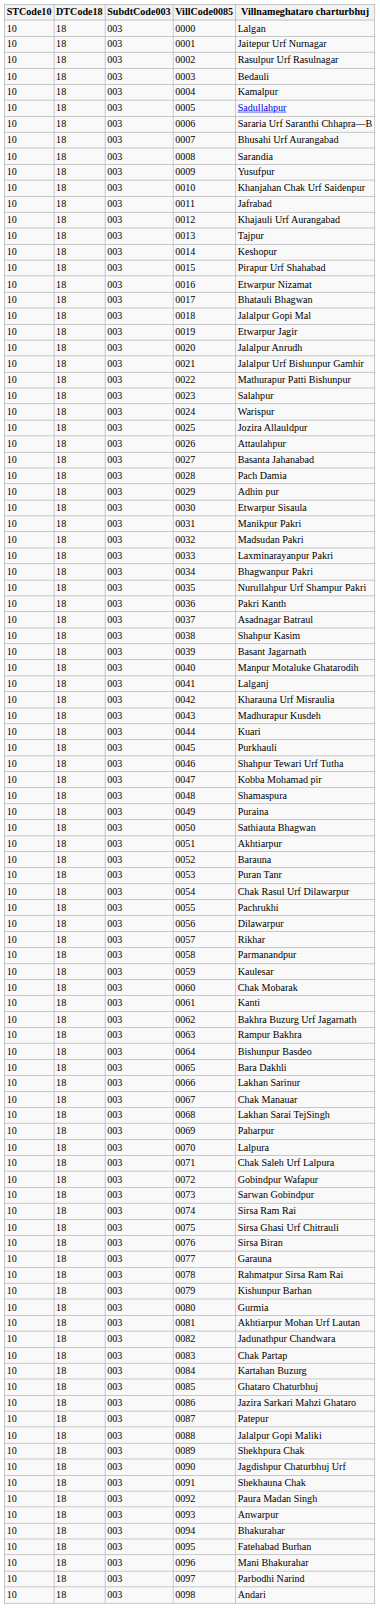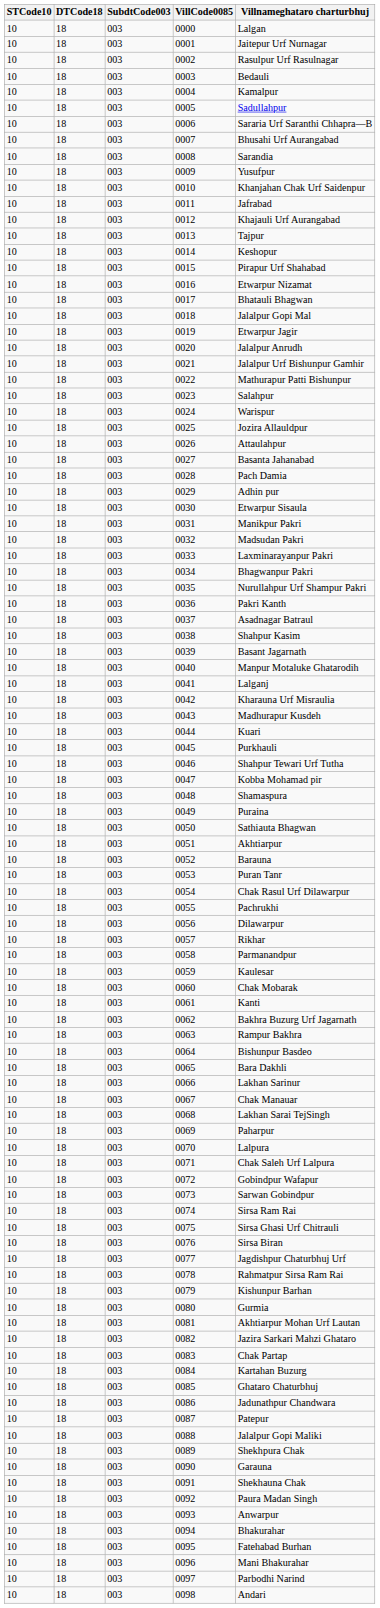 <table class="wikitable">
 <tr>
 <th>STCode10</th>
 <th>DTCode18</th>
 <th>SubdtCode003</th>
 <th>VillCode0085</th>
 <th>Villnameghataro charturbhuj</th>
 </tr>
 <tr 10 g>
 <td>10</td>
 <td>18</td>
 <td>003</td>
 <td>0000</td>
 <td>Lalgan</td>
 </tr>
 <tr>
 <td>10</td>
 <td>18</td>
 <td>003</td>
 <td>0001</td>
 <td>Jaitepur Urf Nurnagar</td>
 </tr>
 <tr>
 <td>10</td>
 <td>18</td>
 <td>003</td>
 <td>0002</td>
 <td>Rasulpur Urf Rasulnagar</td>
 </tr>
 <tr>
 <td>10</td>
 <td>18</td>
 <td>003</td>
 <td>0003</td>
 <td>Bedauli</td>
 </tr>
 <tr>
 <td>10</td>
 <td>18</td>
 <td>003</td>
 <td>0004</td>
 <td>Kamalpur</td>
 </tr>
 <tr>
 <td>10</td>
 <td>18</td>
 <td>003</td>
 <td>0005</td>
 <td><a href='#'>Sadullahpur</a></td>
 </tr>
 <tr>
 <td>10</td>
 <td>18</td>
 <td>003</td>
 <td>0006</td>
 <td>Sararia Urf Saranthi Chhapra—B</td>
 </tr>
 <tr>
 <td>10</td>
 <td>18</td>
 <td>003</td>
 <td>0007</td>
 <td>Bhusahi Urf Aurangabad</td>
 </tr>
 <tr>
 <td>10</td>
 <td>18</td>
 <td>003</td>
 <td>0008</td>
 <td>Sarandia</td>
 </tr>
 <tr>
 <td>10</td>
 <td>18</td>
 <td>003</td>
 <td>0009</td>
 <td>Yusufpur</td>
 </tr>
 <tr>
 <td>10</td>
 <td>18</td>
 <td>003</td>
 <td>0010</td>
 <td>Khanjahan Chak Urf Saidenpur</td>
 </tr>
 <tr>
 <td>10</td>
 <td>18</td>
 <td>003</td>
 <td>0011</td>
 <td>Jafrabad</td>
 </tr>
 <tr>
 <td>10</td>
 <td>18</td>
 <td>003</td>
 <td>0012</td>
 <td>Khajauli Urf Aurangabad</td>
 </tr>
 <tr>
 <td>10</td>
 <td>18</td>
 <td>003</td>
 <td>0013</td>
 <td>Tajpur</td>
 </tr>
 <tr>
 <td>10</td>
 <td>18</td>
 <td>003</td>
 <td>0014</td>
 <td>Keshopur</td>
 </tr>
 <tr>
 <td>10</td>
 <td>18</td>
 <td>003</td>
 <td>0015</td>
 <td>Pirapur Urf Shahabad</td>
 </tr>
 <tr>
 <td>10</td>
 <td>18</td>
 <td>003</td>
 <td>0016</td>
 <td>Etwarpur Nizamat</td>
 </tr>
 <tr>
 <td>10</td>
 <td>18</td>
 <td>003</td>
 <td>0017</td>
 <td>Bhatauli Bhagwan</td>
 </tr>
 <tr>
 <td>10</td>
 <td>18</td>
 <td>003</td>
 <td>0018</td>
 <td>Jalalpur Gopi Mal</td>
 </tr>
 <tr>
 <td>10</td>
 <td>18</td>
 <td>003</td>
 <td>0019</td>
 <td>Etwarpur Jagir</td>
 </tr>
 <tr>
 <td>10</td>
 <td>18</td>
 <td>003</td>
 <td>0020</td>
 <td>Jalalpur Anrudh</td>
 </tr>
 <tr>
 <td>10</td>
 <td>18</td>
 <td>003</td>
 <td>0021</td>
 <td>Jalalpur Urf Bishunpur Gamhir</td>
 </tr>
 <tr>
 <td>10</td>
 <td>18</td>
 <td>003</td>
 <td>0022</td>
 <td>Mathurapur Patti Bishunpur</td>
 </tr>
 <tr>
 <td>10</td>
 <td>18</td>
 <td>003</td>
 <td>0023</td>
 <td>Salahpur</td>
 </tr>
 <tr>
 <td>10</td>
 <td>18</td>
 <td>003</td>
 <td>0024</td>
 <td>Warispur</td>
 </tr>
 <tr>
 <td>10</td>
 <td>18</td>
 <td>003</td>
 <td>0025</td>
 <td>Jozira Allauldpur</td>
 </tr>
 <tr>
 <td>10</td>
 <td>18</td>
 <td>003</td>
 <td>0026</td>
 <td>Attaulahpur</td>
 </tr>
 <tr>
 <td>10</td>
 <td>18</td>
 <td>003</td>
 <td>0027</td>
 <td>Basanta Jahanabad</td>
 </tr>
 <tr>
 <td>10</td>
 <td>18</td>
 <td>003</td>
 <td>0028</td>
 <td>Pach Damia</td>
 </tr>
 <tr>
 <td>10</td>
 <td>18</td>
 <td>003</td>
 <td>0029</td>
 <td>Adhin pur</td>
 </tr>
 <tr>
 <td>10</td>
 <td>18</td>
 <td>003</td>
 <td>0030</td>
 <td>Etwarpur Sisaula</td>
 </tr>
 <tr>
 <td>10</td>
 <td>18</td>
 <td>003</td>
 <td>0031</td>
 <td>Manikpur Pakri</td>
 </tr>
 <tr>
 <td>10</td>
 <td>18</td>
 <td>003</td>
 <td>0032</td>
 <td>Madsudan Pakri</td>
 </tr>
 <tr>
 <td>10</td>
 <td>18</td>
 <td>003</td>
 <td>0033</td>
 <td>Laxminarayanpur Pakri</td>
 </tr>
 <tr>
 <td>10</td>
 <td>18</td>
 <td>003</td>
 <td>0034</td>
 <td>Bhagwanpur Pakri</td>
 </tr>
 <tr>
 <td>10</td>
 <td>18</td>
 <td>003</td>
 <td>0035</td>
 <td>Nurullahpur Urf Shampur Pakri</td>
 </tr>
 <tr>
 <td>10</td>
 <td>18</td>
 <td>003</td>
 <td>0036</td>
 <td>Pakri Kanth</td>
 </tr>
 <tr>
 <td>10</td>
 <td>18</td>
 <td>003</td>
 <td>0037</td>
 <td>Asadnagar Batraul</td>
 </tr>
 <tr>
 <td>10</td>
 <td>18</td>
 <td>003</td>
 <td>0038</td>
 <td>Shahpur Kasim</td>
 </tr>
 <tr>
 <td>10</td>
 <td>18</td>
 <td>003</td>
 <td>0039</td>
 <td>Basant Jagarnath</td>
 </tr>
 <tr>
 <td>10</td>
 <td>18</td>
 <td>003</td>
 <td>0040</td>
 <td>Manpur Motaluke Ghatarodih</td>
 </tr>
 <tr>
 <td>10</td>
 <td>18</td>
 <td>003</td>
 <td>0041</td>
 <td>Lalganj</td>
 </tr>
 <tr>
 <td>10</td>
 <td>18</td>
 <td>003</td>
 <td>0042</td>
 <td>Kharauna Urf Misraulia</td>
 </tr>
 <tr>
 <td>10</td>
 <td>18</td>
 <td>003</td>
 <td>0043</td>
 <td>Madhurapur Kusdeh</td>
 </tr>
 <tr>
 <td>10</td>
 <td>18</td>
 <td>003</td>
 <td>0044</td>
 <td>Kuari</td>
 </tr>
 <tr>
 <td>10</td>
 <td>18</td>
 <td>003</td>
 <td>0045</td>
 <td>Purkhauli</td>
 </tr>
 <tr>
 <td>10</td>
 <td>18</td>
 <td>003</td>
 <td>0046</td>
 <td>Shahpur Tewari Urf Tutha</td>
 </tr>
 <tr>
 <td>10</td>
 <td>18</td>
 <td>003</td>
 <td>0047</td>
 <td>Kobba Mohamad pir</td>
 </tr>
 <tr>
 <td>10</td>
 <td>18</td>
 <td>003</td>
 <td>0048</td>
 <td>Shamaspura</td>
 </tr>
 <tr>
 <td>10</td>
 <td>18</td>
 <td>003</td>
 <td>0049</td>
 <td>Puraina</td>
 </tr>
 <tr>
 <td>10</td>
 <td>18</td>
 <td>003</td>
 <td>0050</td>
 <td>Sathiauta Bhagwan</td>
 </tr>
 <tr>
 <td>10</td>
 <td>18</td>
 <td>003</td>
 <td>0051</td>
 <td>Akhtiarpur</td>
 </tr>
 <tr>
 <td>10</td>
 <td>18</td>
 <td>003</td>
 <td>0052</td>
 <td>Barauna</td>
 </tr>
 <tr>
 <td>10</td>
 <td>18</td>
 <td>003</td>
 <td>0053</td>
 <td>Puran Tanr</td>
 </tr>
 <tr>
 <td>10</td>
 <td>18</td>
 <td>003</td>
 <td>0054</td>
 <td>Chak Rasul Urf Dilawarpur</td>
 </tr>
 <tr>
 <td>10</td>
 <td>18</td>
 <td>003</td>
 <td>0055</td>
 <td>Pachrukhi</td>
 </tr>
 <tr>
 <td>10</td>
 <td>18</td>
 <td>003</td>
 <td>0056</td>
 <td>Dilawarpur</td>
 </tr>
 <tr>
 <td>10</td>
 <td>18</td>
 <td>003</td>
 <td>0057</td>
 <td>Rikhar</td>
 </tr>
 <tr>
 <td>10</td>
 <td>18</td>
 <td>003</td>
 <td>0058</td>
 <td>Parmanandpur</td>
 </tr>
 <tr>
 <td>10</td>
 <td>18</td>
 <td>003</td>
 <td>0059</td>
 <td>Kaulesar</td>
 </tr>
 <tr>
 <td>10</td>
 <td>18</td>
 <td>003</td>
 <td>0060</td>
 <td>Chak Mobarak</td>
 </tr>
 <tr>
 <td>10</td>
 <td>18</td>
 <td>003</td>
 <td>0061</td>
 <td>Kanti</td>
 </tr>
 <tr>
 <td>10</td>
 <td>18</td>
 <td>003</td>
 <td>0062</td>
 <td>Bakhra Buzurg Urf Jagarnath</td>
 </tr>
 <tr>
 <td>10</td>
 <td>18</td>
 <td>003</td>
 <td>0063</td>
 <td>Rampur Bakhra</td>
 </tr>
 <tr>
 <td>10</td>
 <td>18</td>
 <td>003</td>
 <td>0064</td>
 <td>Bishunpur Basdeo</td>
 </tr>
 <tr>
 <td>10</td>
 <td>18</td>
 <td>003</td>
 <td>0065</td>
 <td>Bara Dakhli</td>
 </tr>
 <tr>
 <td>10</td>
 <td>18</td>
 <td>003</td>
 <td>0066</td>
 <td>Lakhan Sarinur</td>
 </tr>
 <tr>
 <td>10</td>
 <td>18</td>
 <td>003</td>
 <td>0067</td>
 <td>Chak Manauar</td>
 </tr>
 <tr>
 <td>10</td>
 <td>18</td>
 <td>003</td>
 <td>0068</td>
 <td>Lakhan Sarai TejSingh</td>
 </tr>
 <tr>
 <td>10</td>
 <td>18</td>
 <td>003</td>
 <td>0069</td>
 <td>Paharpur</td>
 </tr>
 <tr>
 <td>10</td>
 <td>18</td>
 <td>003</td>
 <td>0070</td>
 <td>Lalpura</td>
 </tr>
 <tr>
 <td>10</td>
 <td>18</td>
 <td>003</td>
 <td>0071</td>
 <td>Chak Saleh Urf Lalpura</td>
 </tr>
 <tr>
 <td>10</td>
 <td>18</td>
 <td>003</td>
 <td>0072</td>
 <td>Gobindpur Wafapur</td>
 </tr>
 <tr>
 <td>10</td>
 <td>18</td>
 <td>003</td>
 <td>0073</td>
 <td>Sarwan Gobindpur</td>
 </tr>
 <tr>
 <td>10</td>
 <td>18</td>
 <td>003</td>
 <td>0074</td>
 <td>Sirsa Ram Rai</td>
 </tr>
 <tr>
 <td>10</td>
 <td>18</td>
 <td>003</td>
 <td>0075</td>
 <td>Sirsa Ghasi Urf Chitrauli</td>
 </tr>
 <tr>
 <td>10</td>
 <td>18</td>
 <td>003</td>
 <td>0076</td>
 <td>Sirsa Biran</td>
 </tr>
 <tr>
 <td>10</td>
 <td>18</td>
 <td>003</td>
 <td>0077</td>
-<td>Garauna</td>
+<td>Jagdishpur Chaturbhuj Urf</td>
 </tr>
 <tr>
 <td>10</td>
 <td>18</td>
 <td>003</td>
 <td>0078</td>
 <td>Rahmatpur Sirsa Ram Rai</td>
 </tr>
 <tr>
 <td>10</td>
 <td>18</td>
 <td>003</td>
 <td>0079</td>
 <td>Kishunpur Barhan</td>
 </tr>
 <tr>
 <td>10</td>
 <td>18</td>
 <td>003</td>
 <td>0080</td>
 <td>Gurmia</td>
 </tr>
 <tr>
 <td>10</td>
 <td>18</td>
 <td>003</td>
 <td>0081</td>
 <td>Akhtiarpur Mohan Urf Lautan</td>
 </tr>
 <tr>
 <td>10</td>
 <td>18</td>
 <td>003</td>
 <td>0082</td>
-<td>Jadunathpur Chandwara</td>
+<td>Jazira Sarkari Mahzi Ghataro</td>
 </tr>
 <tr>
 <td>10</td>
 <td>18</td>
 <td>003</td>
 <td>0083</td>
 <td>Chak Partap</td>
 </tr>
 <tr>
 <td>10</td>
 <td>18</td>
 <td>003</td>
 <td>0084</td>
 <td>Kartahan Buzurg</td>
 </tr>
 <tr>
 <td>10</td>
 <td>18</td>
 <td>003</td>
 <td>0085</td>
 <td>Ghataro Chaturbhuj</td>
 </tr>
 <tr>
 <td>10</td>
 <td>18</td>
 <td>003</td>
 <td>0086</td>
-<td>Jazira Sarkari Mahzi Ghataro</td>
+<td>Jadunathpur Chandwara</td>
 </tr>
 <tr>
 <td>10</td>
 <td>18</td>
 <td>003</td>
 <td>0087</td>
 <td>Patepur</td>
 </tr>
 <tr>
 <td>10</td>
 <td>18</td>
 <td>003</td>
 <td>0088</td>
 <td>Jalalpur Gopi Maliki</td>
 </tr>
 <tr>
 <td>10</td>
 <td>18</td>
 <td>003</td>
 <td>0089</td>
 <td>Shekhpura Chak</td>
 </tr>
 <tr>
 <td>10</td>
 <td>18</td>
 <td>003</td>
 <td>0090</td>
-<td>Jagdishpur Chaturbhuj Urf</td>
+<td>Garauna</td>
 </tr>
 <tr>
 <td>10</td>
 <td>18</td>
 <td>003</td>
 <td>0091</td>
 <td>Shekhauna Chak</td>
 </tr>
 <tr>
 <td>10</td>
 <td>18</td>
 <td>003</td>
 <td>0092</td>
 <td>Paura Madan Singh</td>
 </tr>
 <tr>
 <td>10</td>
 <td>18</td>
 <td>003</td>
 <td>0093</td>
 <td>Anwarpur</td>
 </tr>
 <tr>
 <td>10</td>
 <td>18</td>
 <td>003</td>
 <td>0094</td>
 <td>Bhakurahar</td>
 </tr>
 <tr>
 <td>10</td>
 <td>18</td>
 <td>003</td>
 <td>0095</td>
 <td>Fatehabad Burhan</td>
 </tr>
 <tr>
 <td>10</td>
 <td>18</td>
 <td>003</td>
 <td>0096</td>
 <td>Mani Bhakurahar</td>
 </tr>
 <tr>
 <td>10</td>
 <td>18</td>
 <td>003</td>
 <td>0097</td>
 <td>Parbodhi Narind</td>
 </tr>
 <tr>
 <td>10</td>
 <td>18</td>
 <td>003</td>
 <td>0098</td>
 <td>Andari</td>
 </tr>
 </table>
